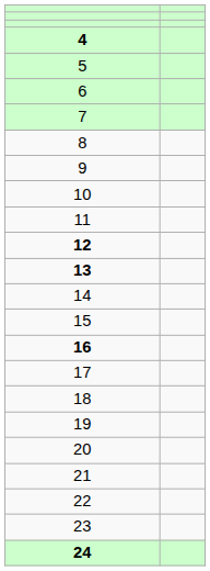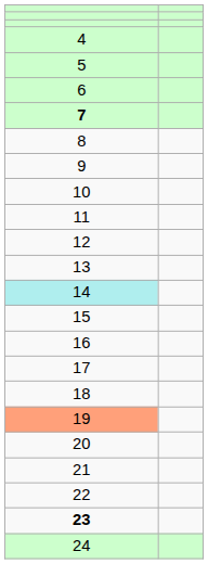 <table class="wikitable" width="200px">
 <tr bgcolor=#ccffcc>
 <td align=center></td>
 <td></td>
 </tr>
 <tr bgcolor=#ccffcc>
 <td align=center></td>
 <td></td>
 </tr>
 <tr bgcolor=#ccffcc>
 <td align=center></td>
 <td></td>
 </tr>
 <tr bgcolor=#ccffcc>
-<td align=center><strong>4</strong></td>
+<td align=center>4</td>
 <td></td>
 </tr>
 <tr bgcolor=#ccffcc>
 <td align=center>5</td>
 <td></td>
 </tr>
 <tr bgcolor=#ccffcc>
 <td align=center>6</td>
 <td></td>
 </tr>
 <tr bgcolor=#ccffcc>
-<td align=center>7</td>
+<td align=center><strong>7</strong></td>
 <td></td>
 </tr>
 <tr>
 <td align=center>8</td>
 <td></td>
 </tr>
 <tr>
 <td align=center>9</td>
 <td></td>
 </tr>
 <tr>
 <td align=center>10</td>
 <td></td>
 </tr>
 <tr>
 <td align=center>11</td>
 <td></td>
 </tr>
 <tr>
-<td align=center><strong>12</strong></td>
+<td align=center>12</td>
 <td></td>
 </tr>
 <tr>
-<td align=center><strong>13</strong></td>
+<td align=center>13</td>
 <td></td>
 </tr>
 <tr>
-<td align=center>14</td>
+<td align=center style="background: paleturquoise;">14</td>
 <td></td>
 </tr>
 <tr>
 <td align=center>15</td>
 <td></td>
 </tr>
 <tr>
-<td align=center><strong>16</strong></td>
+<td align=center>16</td>
 <td></td>
 </tr>
 <tr>
 <td align=center>17</td>
 <td></td>
 </tr>
 <tr>
 <td align=center>18</td>
 <td></td>
 </tr>
 <tr>
-<td align=center>19</td>
+<td align=center style="background: lightsalmon;">19</td>
 <td></td>
 </tr>
 <tr>
 <td align=center>20</td>
 <td></td>
 </tr>
 <tr>
 <td align=center>21</td>
 <td></td>
 </tr>
 <tr>
 <td align=center>22</td>
 <td></td>
 </tr>
 <tr>
-<td align=center>23</td>
+<td align=center><strong>23</strong></td>
 <td></td>
 </tr>
 <tr bgcolor=#ccffcc>
-<td align=center><strong>24</strong></td>
+<td align=center>24</td>
 <td></td>
 </tr>
 </table>
